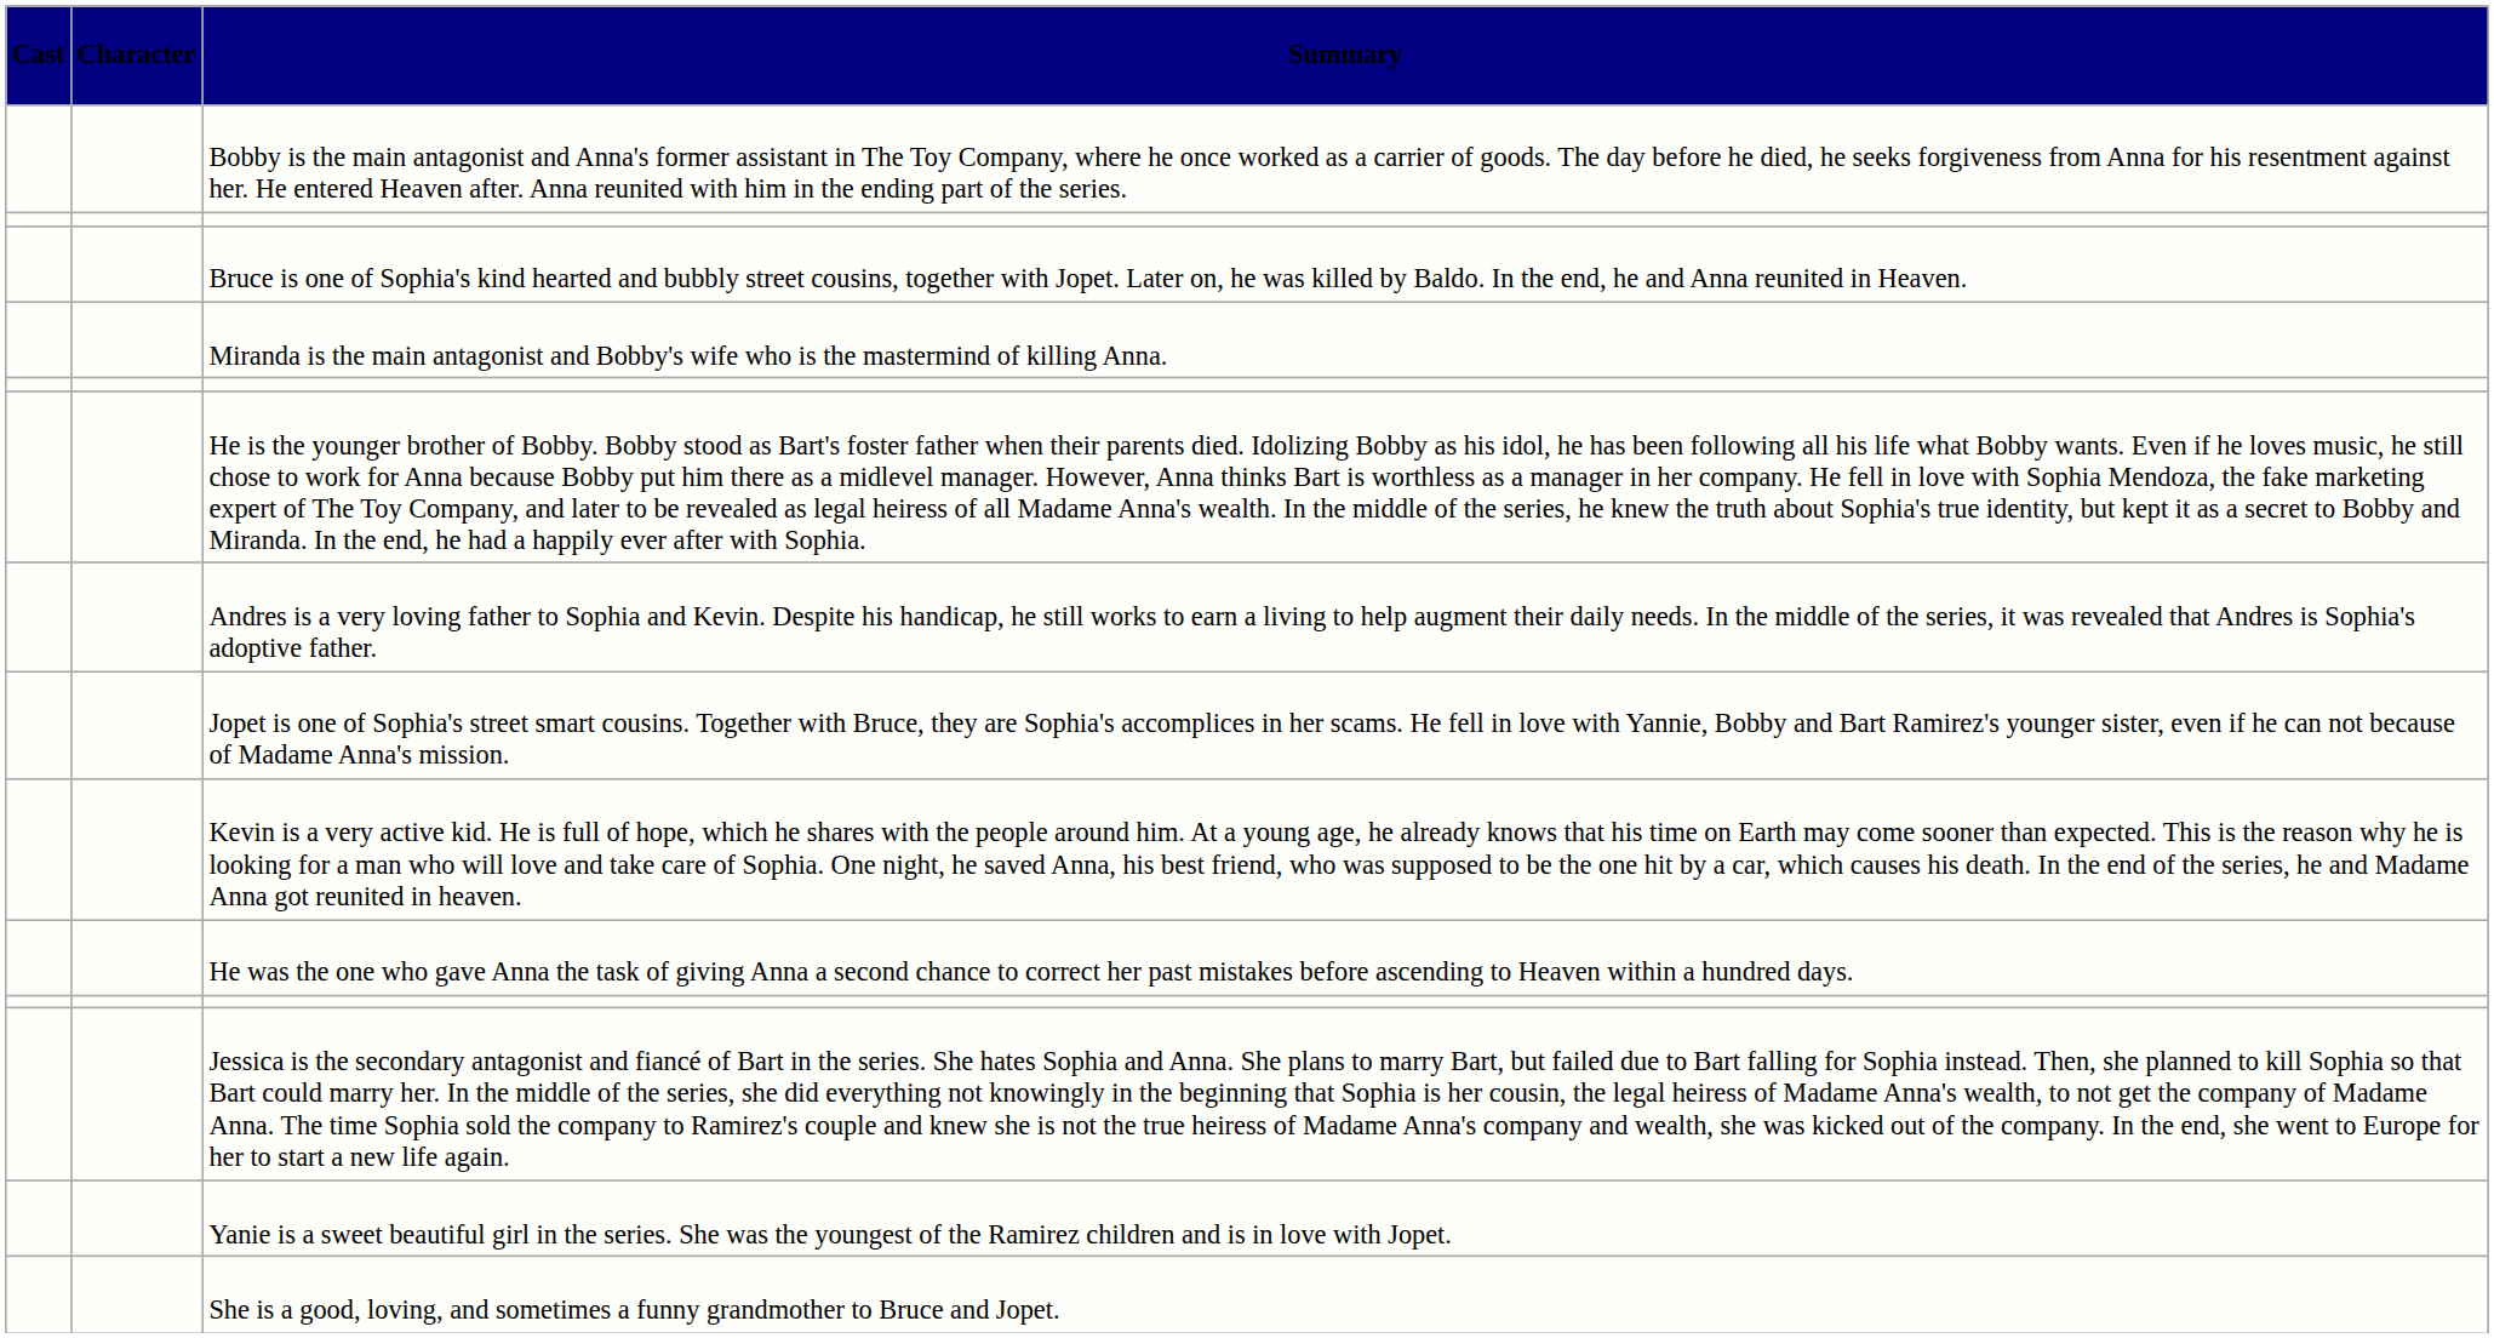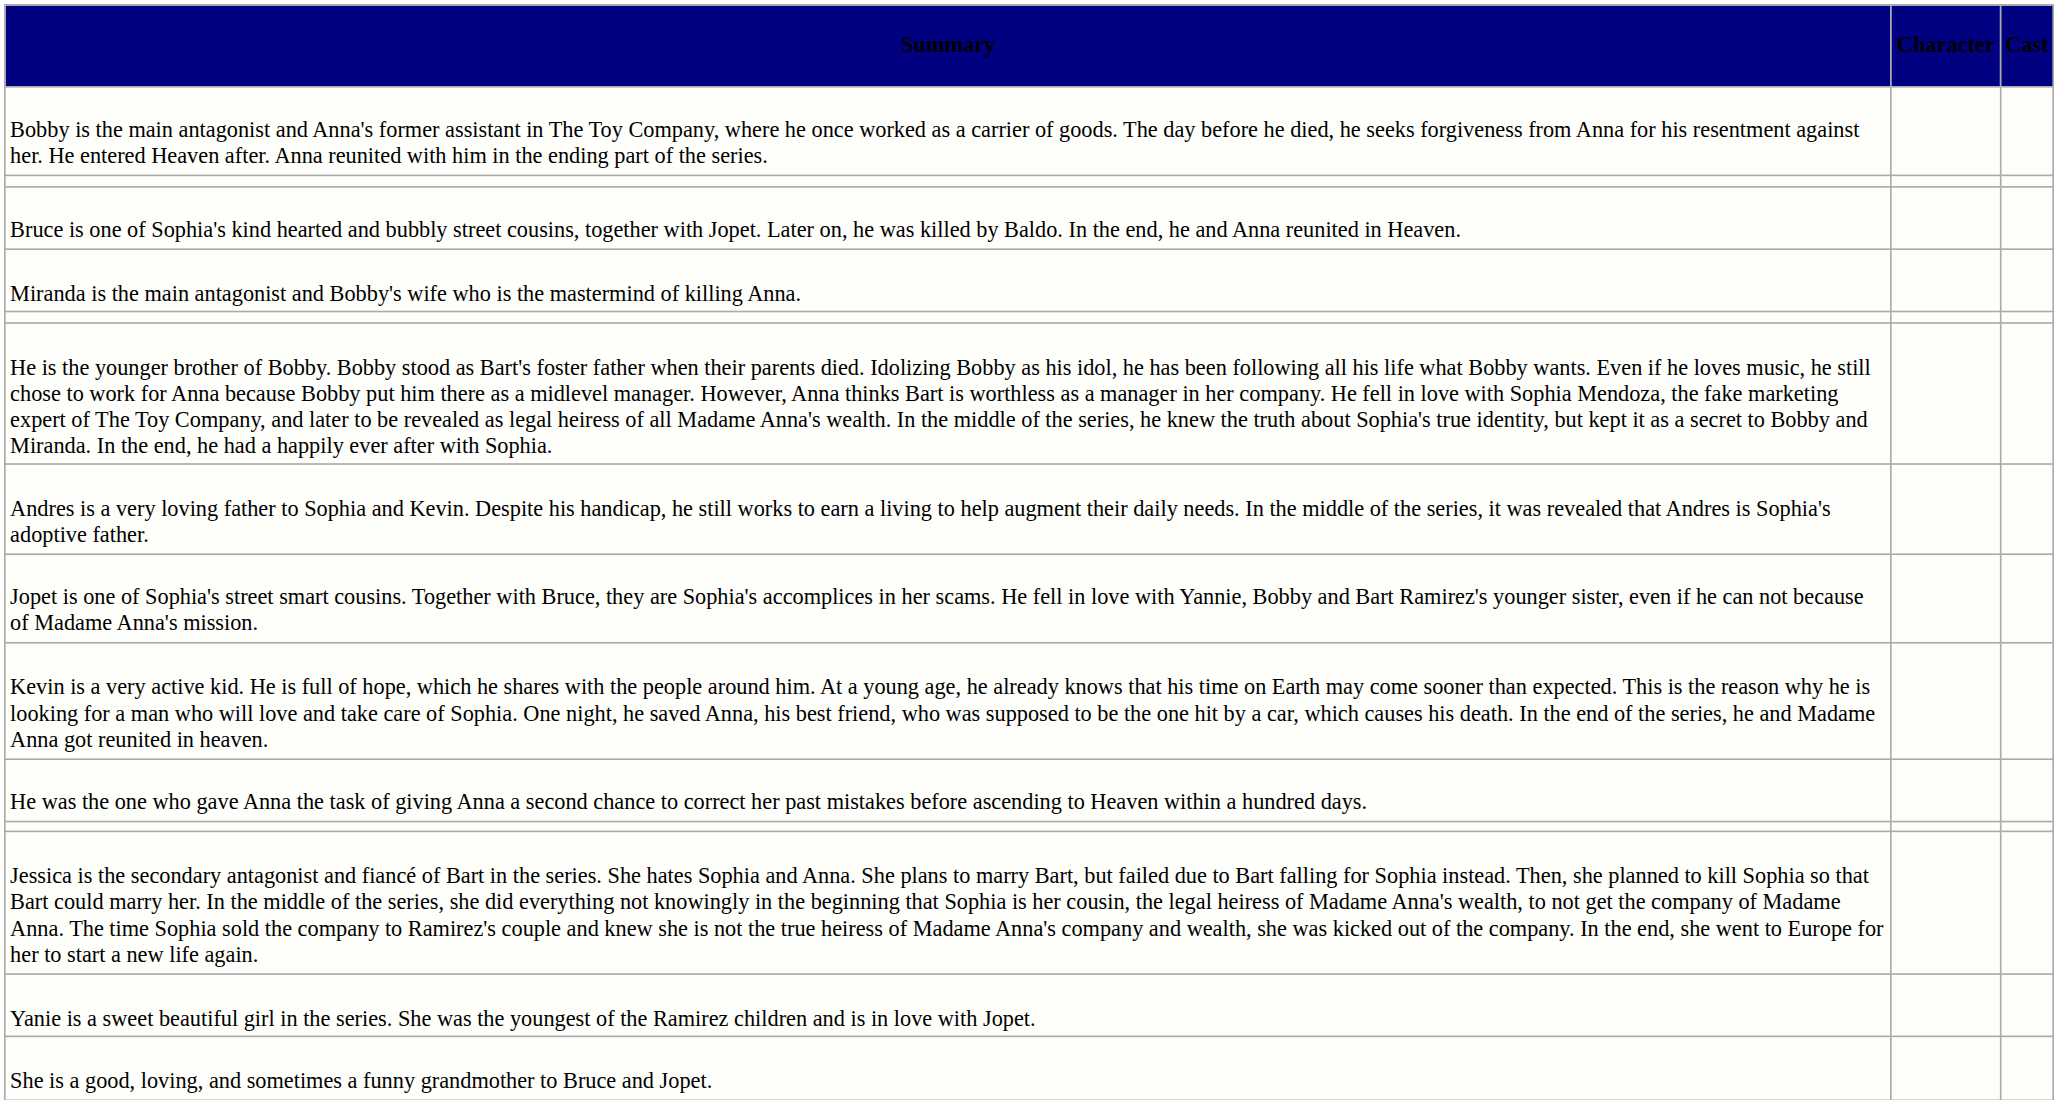 <table class="wikitable" style=" background:#FEFEFA; font-size: 85%;">
 <tr>
+<th style="background:#000080 ;"><p>Summary</p></th>
+<th style="background:#000080; "><p>Character</p></th>
 <th style="background:#000080 ;"><p>Cast</p></th>
-<th style="background:#000080; "><p>Character</p></th>
-<th style="background:#000080 ;"><p>Summary</p></th>
 </tr>
 <tr>
+<td><br>Bobby is the main antagonist and Anna's former assistant in The Toy Company, where he once worked as a carrier of goods. The day before he died, he seeks forgiveness from Anna for his resentment against her. He entered Heaven after. Anna reunited with him in the ending part of the series.</td>
 <td></td>
 <td></td>
-<td><br>Bobby is the main antagonist and Anna's former assistant in The Toy Company, where he once worked as a carrier of goods. The day before he died, he seeks forgiveness from Anna for his resentment against her. He entered Heaven after. Anna reunited with him in the ending part of the series.</td>
 </tr>
 <tr>
 <td></td>
 <td></td>
 <td></td>
 </tr>
 <tr>
+<td><br>Bruce is one of Sophia's kind hearted and bubbly street cousins, together with Jopet. Later on, he was killed by Baldo. In the end, he and Anna reunited in Heaven.</td>
 <td></td>
 <td></td>
-<td><br>Bruce is one of Sophia's kind hearted and bubbly street cousins, together with Jopet. Later on, he was killed by Baldo. In the end, he and Anna reunited in Heaven.</td>
 </tr>
 <tr>
+<td><br>Miranda is the main antagonist and Bobby's wife who is the mastermind of killing Anna.</td>
 <td></td>
 <td></td>
-<td><br>Miranda is the main antagonist and Bobby's wife who is the mastermind of killing Anna.</td>
 </tr>
 <tr>
 <td></td>
 <td></td>
 <td></td>
 </tr>
 <tr>
+<td><br>He is the younger brother of Bobby. Bobby stood as Bart's foster father when their parents died. Idolizing Bobby as his idol, he has been following all his life what Bobby wants. Even if he loves music, he still chose to work for Anna because Bobby put him there as a midlevel manager. However, Anna thinks  Bart is worthless as a manager in her company. He fell in love with Sophia Mendoza, the fake marketing expert of The Toy Company, and later to be revealed as legal heiress of all Madame Anna's wealth. In the middle of the series, he knew the truth about Sophia's true identity, but kept it as a secret to Bobby and Miranda. In the end, he had a happily ever after with Sophia.</td>
 <td></td>
 <td></td>
-<td><br>He is the younger brother of Bobby. Bobby stood as Bart's foster father when their parents died. Idolizing Bobby as his idol, he has been following all his life what Bobby wants. Even if he loves music, he still chose to work for Anna because Bobby put him there as a midlevel manager. However, Anna thinks  Bart is worthless as a manager in her company. He fell in love with Sophia Mendoza, the fake marketing expert of The Toy Company, and later to be revealed as legal heiress of all Madame Anna's wealth. In the middle of the series, he knew the truth about Sophia's true identity, but kept it as a secret to Bobby and Miranda. In the end, he had a happily ever after with Sophia.</td>
 </tr>
 <tr>
+<td><br>Andres is a very loving father to Sophia and Kevin. Despite his handicap, he still works to earn a living to help augment their daily needs. In the middle of the series, it was revealed that Andres is Sophia's adoptive father.</td>
 <td></td>
 <td></td>
-<td><br>Andres is a very loving father to Sophia and Kevin. Despite his handicap, he still works to earn a living to help augment their daily needs. In the middle of the series, it was revealed that Andres is Sophia's adoptive father.</td>
 </tr>
 <tr>
+<td><br>Jopet is one of Sophia's street smart cousins. Together with Bruce, they are Sophia's accomplices in her scams. He fell in love with Yannie, Bobby and Bart Ramirez's younger sister, even if he can not because of Madame Anna's mission.</td>
 <td></td>
 <td></td>
-<td><br>Jopet is one of Sophia's street smart cousins. Together with Bruce, they are Sophia's accomplices in her scams. He fell in love with Yannie, Bobby and Bart Ramirez's younger sister, even if he can not because of Madame Anna's mission.</td>
 </tr>
 <tr>
+<td><br>Kevin is a very active kid. He is full of hope, which he shares with the people around him. At a young age, he already knows that his time on Earth may come sooner than expected. This is the reason why he is looking for a man who will love and take care of Sophia. One night, he saved Anna, his best friend, who was supposed to be the one hit by a car, which causes his death. In the end of the series, he and Madame Anna got reunited in heaven.</td>
 <td></td>
 <td></td>
-<td><br>Kevin is a very active kid. He is full of hope, which he shares with the people around him. At a young age, he already knows that his time on Earth may come sooner than expected. This is the reason why he is looking for a man who will love and take care of Sophia. One night, he saved Anna, his best friend, who was supposed to be the one hit by a car, which causes his death. In the end of the series, he and Madame Anna got reunited in heaven.</td>
 </tr>
 <tr>
+<td><br>He was the one who gave Anna the task of giving Anna a second chance to correct her past mistakes before ascending to Heaven within a hundred days.</td>
 <td></td>
 <td></td>
-<td><br>He was the one who gave Anna the task of giving Anna a second chance to correct her past mistakes before ascending to Heaven within a hundred days.</td>
 </tr>
 <tr>
 <td></td>
 <td></td>
 <td></td>
 </tr>
 <tr>
+<td><br>Jessica is the secondary antagonist and fiancé of Bart in the series. She hates Sophia and Anna. She plans to marry Bart, but failed due to Bart falling for Sophia instead. Then, she planned to kill Sophia so that Bart could marry her. In the middle of the series, she did everything not knowingly in the beginning that Sophia is her cousin, the legal heiress of Madame Anna's wealth, to not get the company of Madame Anna. The time Sophia sold the company to Ramirez's couple and knew she is not the true heiress of Madame Anna's company and wealth, she was kicked out of the company. In the end, she went to Europe for her to start a new life again.</td>
 <td></td>
 <td></td>
-<td><br>Jessica is the secondary antagonist and fiancé of Bart in the series. She hates Sophia and Anna. She plans to marry Bart, but failed due to Bart falling for Sophia instead. Then, she planned to kill Sophia so that Bart could marry her. In the middle of the series, she did everything not knowingly in the beginning that Sophia is her cousin, the legal heiress of Madame Anna's wealth, to not get the company of Madame Anna. The time Sophia sold the company to Ramirez's couple and knew she is not the true heiress of Madame Anna's company and wealth, she was kicked out of the company. In the end, she went to Europe for her to start a new life again.</td>
 </tr>
 <tr>
+<td><br>Yanie is a sweet beautiful girl in the series. She was the youngest of the Ramirez children and is in love with Jopet.</td>
 <td></td>
 <td></td>
-<td><br>Yanie is a sweet beautiful girl in the series. She was the youngest of the Ramirez children and is in love with Jopet.</td>
 </tr>
 <tr>
+<td><br>She is a good, loving, and sometimes a funny grandmother to Bruce and Jopet.</td>
 <td></td>
 <td></td>
-<td><br>She is a good, loving, and sometimes a funny grandmother to Bruce and Jopet.</td>
 </tr>
 </table>
